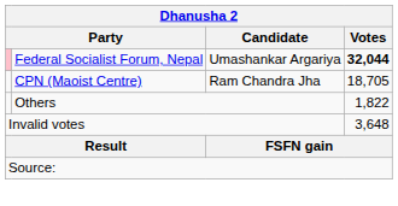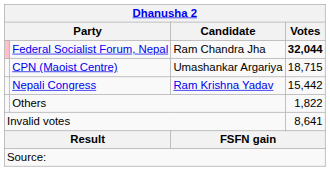 <table class="wikitable">
 <tr>
 <th colspan="4"><a href='#'>Dhanusha 2</a></th>
 </tr>
 <tr>
 <th colspan="2">Party</th>
 <th>Candidate</th>
 <th>Votes</th>
 </tr>
 <tr>
 <td style="background-color:#ffc0cb"></td>
 <td><a href='#'>Federal Socialist Forum, Nepal</a></td>
-<td>Umashankar Argariya</td>
+<td>Ram Chandra Jha</td>
 <td style="text-align:right "><strong>32,044</strong></td>
 </tr>
 <tr>
 <td style="background-color:"></td>
 <td><a href='#'>CPN (Maoist Centre)</a></td>
-<td>Ram Chandra Jha</td>
-<td style="text-align:right ">18,705</td>
+<td>Umashankar Argariya</td>
+<td style="text-align:right ">18,715</td>
+</tr>
+<tr>
+<td style="background-color:"></td>
+<td><a href='#'>Nepali Congress</a></td>
+<td><a href='#'>Ram Krishna Yadav</a></td>
+<td style="text-align:right ">15,442</td>
 </tr>
 <tr>
 <td></td>
 <td colspan="2">Others</td>
 <td style="text-align:right ">1,822</td>
 </tr>
 <tr>
 <td colspan="3">Invalid votes</td>
-<td style="text-align:right ">3,648</td>
+<td style="text-align:right ">8,641</td>
 </tr>
 <tr>
 <th colspan="2">Result</th>
 <th colspan="2">FSFN gain</th>
 </tr>
 <tr>
 <td colspan="4">Source: </td>
 </tr>
 </table>
